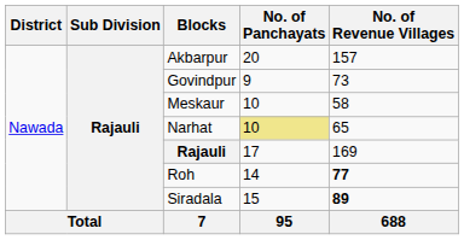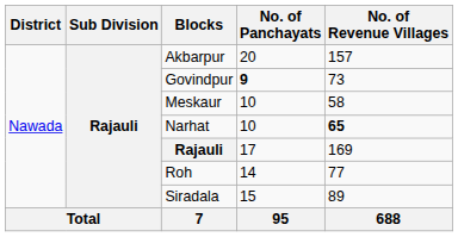 <table class="wikitable">
 <tr>
 <th>District</th>
 <th>Sub Division</th>
 <th>Blocks</th>
 <th>No. of<br>Panchayats</th>
 <th>No. of<br>Revenue Villages</th>
 </tr>
 <tr>
 <td rowspan="7"><a href='#'>Nawada</a></td>
 <th rowspan="7">Rajauli</th>
 <td>Akbarpur</td>
 <td>20</td>
 <td>157</td>
 </tr>
 <tr>
 <td>Govindpur</td>
-<td>9</td>
+<td><strong>9</strong></td>
 <td>73</td>
 </tr>
 <tr>
 <td>Meskaur</td>
 <td>10</td>
 <td>58</td>
 </tr>
 <tr>
 <td>Narhat</td>
-<td style="background: khaki;">10</td>
-<td>65</td>
+<td>10</td>
+<td><strong>65</strong></td>
 </tr>
 <tr>
 <th>Rajauli</th>
 <td>17</td>
 <td>169</td>
 </tr>
 <tr>
 <td>Roh</td>
 <td>14</td>
-<td><strong>77</strong></td>
+<td>77</td>
 </tr>
 <tr>
 <td>Siradala</td>
 <td>15</td>
-<td><strong>89</strong></td>
+<td>89</td>
 </tr>
 <tr>
 <th colspan="2">Total</th>
 <th>7</th>
 <th>95</th>
 <th>688</th>
 </tr>
 </table>
